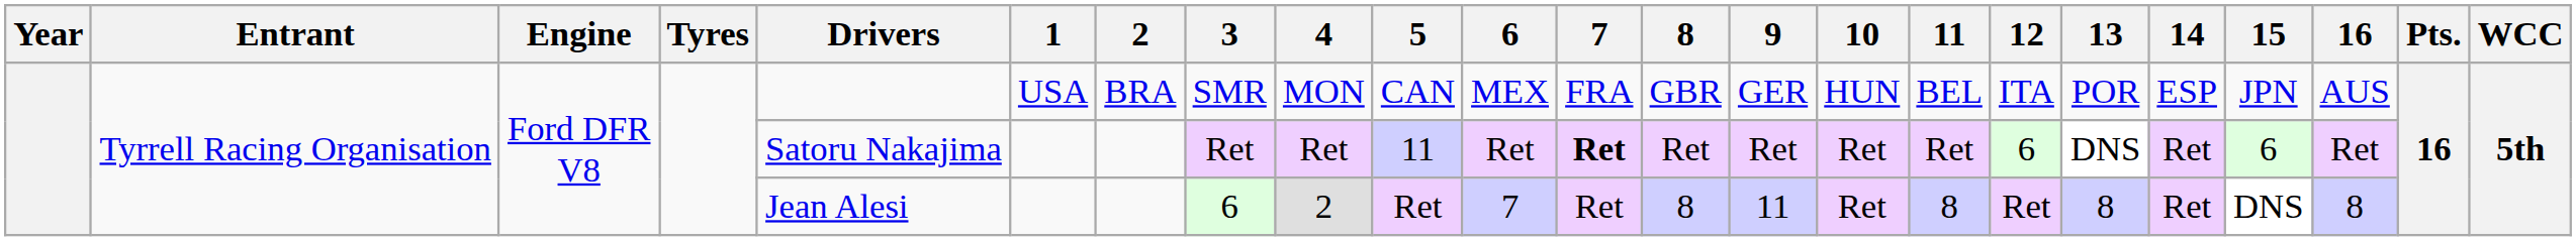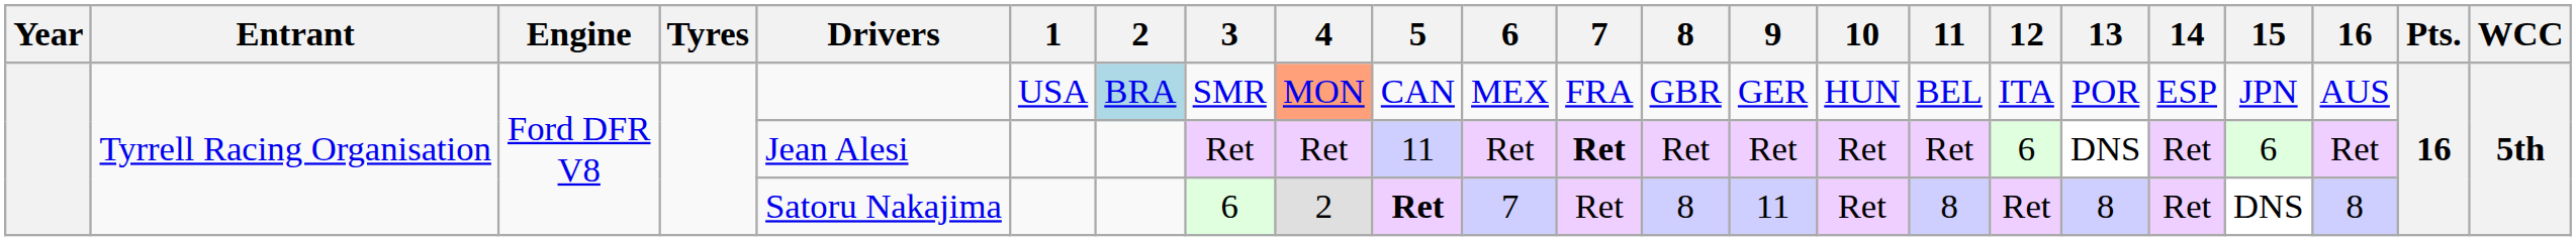 <table class="wikitable" style="text-align:center; font-size:95%">
 <tr>
 <th>Year</th>
 <th>Entrant</th>
 <th>Engine</th>
 <th>Tyres</th>
 <th>Drivers</th>
 <th>1</th>
 <th>2</th>
 <th>3</th>
 <th>4</th>
 <th>5</th>
 <th>6</th>
 <th>7</th>
 <th>8</th>
 <th>9</th>
 <th>10</th>
 <th>11</th>
 <th>12</th>
 <th>13</th>
 <th>14</th>
 <th>15</th>
 <th>16</th>
 <th>Pts.</th>
 <th>WCC</th>
 </tr>
 <tr>
 <th rowspan="3"></th>
 <td rowspan="3"><a href='#'>Tyrrell Racing Organisation</a></td>
 <td rowspan="3"><a href='#'>Ford DFR</a><br><a href='#'>V8</a></td>
 <td rowspan="3"></td>
 <td></td>
 <td><a href='#'>USA</a></td>
-<td><a href='#'>BRA</a></td>
+<td style="background: lightblue;"><a href='#'>BRA</a></td>
 <td><a href='#'>SMR</a></td>
-<td><a href='#'>MON</a></td>
+<td style="background: lightsalmon;"><a href='#'>MON</a></td>
 <td><a href='#'>CAN</a></td>
 <td><a href='#'>MEX</a></td>
 <td><a href='#'>FRA</a></td>
 <td><a href='#'>GBR</a></td>
 <td><a href='#'>GER</a></td>
 <td><a href='#'>HUN</a></td>
 <td><a href='#'>BEL</a></td>
 <td><a href='#'>ITA</a></td>
 <td><a href='#'>POR</a></td>
 <td><a href='#'>ESP</a></td>
 <td><a href='#'>JPN</a></td>
 <td><a href='#'>AUS</a></td>
 <th rowspan="3">16</th>
 <th rowspan="3">5th</th>
 </tr>
 <tr>
-<td align="left"><a href='#'>Satoru Nakajima</a></td>
+<td align="left"><a href='#'>Jean Alesi</a></td>
 <td></td>
 <td></td>
 <td style="background:#efcfff;">Ret</td>
 <td style="background:#efcfff;">Ret</td>
 <td style="background:#cfcfff;">11</td>
 <td style="background:#efcfff;">Ret</td>
 <td style="background:#efcfff;"><strong>Ret</strong></td>
 <td style="background:#efcfff;">Ret</td>
 <td style="background:#efcfff;">Ret</td>
 <td style="background:#efcfff;">Ret</td>
 <td style="background:#efcfff;">Ret</td>
 <td style="background:#dfffdf;">6</td>
 <td style="background:#ffffff;">DNS</td>
 <td style="background:#efcfff;">Ret</td>
 <td style="background:#dfffdf;">6</td>
 <td style="background:#efcfff;">Ret</td>
 </tr>
 <tr>
-<td align="left"><a href='#'>Jean Alesi</a></td>
+<td align="left"><a href='#'>Satoru Nakajima</a></td>
 <td></td>
 <td></td>
 <td style="background:#dfffdf;">6</td>
 <td style="background:#dfdfdf;">2</td>
-<td style="background:#efcfff;">Ret</td>
+<td style="background:#efcfff;"><strong>Ret</strong></td>
 <td style="background:#cfcfff;">7</td>
 <td style="background:#efcfff;">Ret</td>
 <td style="background:#cfcfff;">8</td>
 <td style="background:#cfcfff;">11</td>
 <td style="background:#efcfff;">Ret</td>
 <td style="background:#cfcfff;">8</td>
 <td style="background:#efcfff;">Ret</td>
 <td style="background:#cfcfff;">8</td>
 <td style="background:#efcfff;">Ret</td>
 <td style="background:#ffffff;">DNS</td>
 <td style="background:#cfcfff;">8</td>
 </tr>
 </table>
